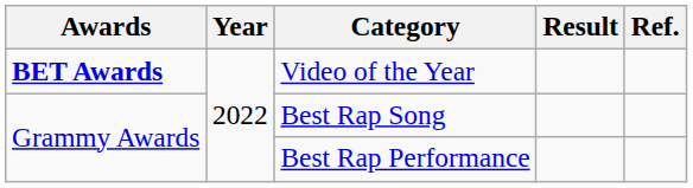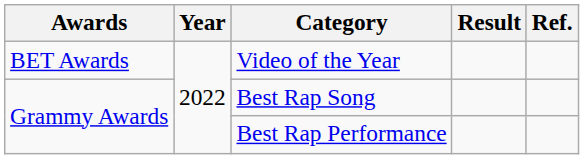 <table class="wikitable">
 <tr>
 <th>Awards</th>
 <th>Year</th>
 <th>Category</th>
 <th>Result</th>
 <th>Ref.</th>
 </tr>
 <tr>
-<td><strong><a href='#'>BET Awards</a></strong></td>
+<td><a href='#'>BET Awards</a></td>
 <td rowspan="3">2022</td>
 <td><a href='#'>Video of the Year</a></td>
 <td></td>
 <td></td>
 </tr>
 <tr>
 <td rowspan="2"><a href='#'>Grammy Awards</a></td>
 <td><a href='#'>Best Rap Song</a></td>
 <td></td>
 <td></td>
 </tr>
 <tr>
 <td><a href='#'>Best Rap Performance</a></td>
 <td></td>
 <td></td>
 </tr>
 </table>
